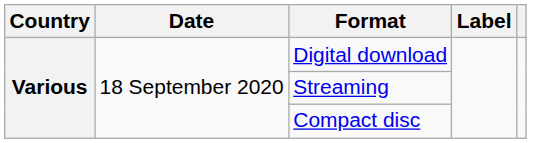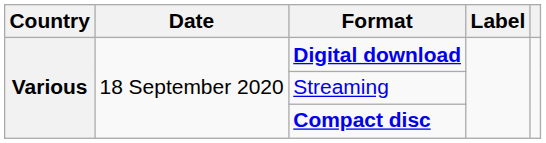 <table class="wikitable plainrowheaders">
 <tr>
 <th scope="col">Country</th>
 <th scope="col">Date</th>
 <th scope="col">Format</th>
 <th scope="col">Label</th>
 <th scope="col"></th>
 </tr>
 <tr>
 <th scope="row" rowspan="3">Various</th>
 <td rowspan="3">18 September 2020</td>
-<td><a href='#'>Digital download</a></td>
+<td><strong><a href='#'>Digital download</a></strong></td>
 <td rowspan="3"></td>
 <td rowspan="4"></td>
 </tr>
 <tr>
 <td><a href='#'>Streaming</a></td>
 </tr>
 <tr>
-<td><a href='#'>Compact disc</a></td>
+<td><strong><a href='#'>Compact disc</a></strong></td>
 </tr>
 </table>
